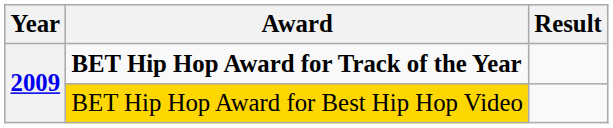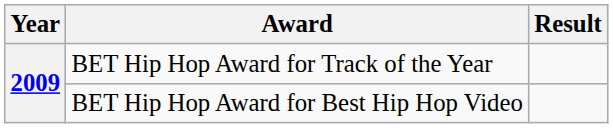 <table class="wikitable plainrowheaders">
 <tr>
 <th>Year</th>
 <th>Award</th>
 <th>Result</th>
 </tr>
 <tr>
 <th scope="row" rowspan="2"><a href='#'>2009</a></th>
-<td><strong>BET Hip Hop Award for Track of the Year </strong></td>
+<td>BET Hip Hop Award for Track of the Year </td>
 <td></td>
 </tr>
 <tr>
-<td style="background: gold;">BET Hip Hop Award for Best Hip Hop Video </td>
+<td>BET Hip Hop Award for Best Hip Hop Video </td>
 <td></td>
 </tr>
 </table>
